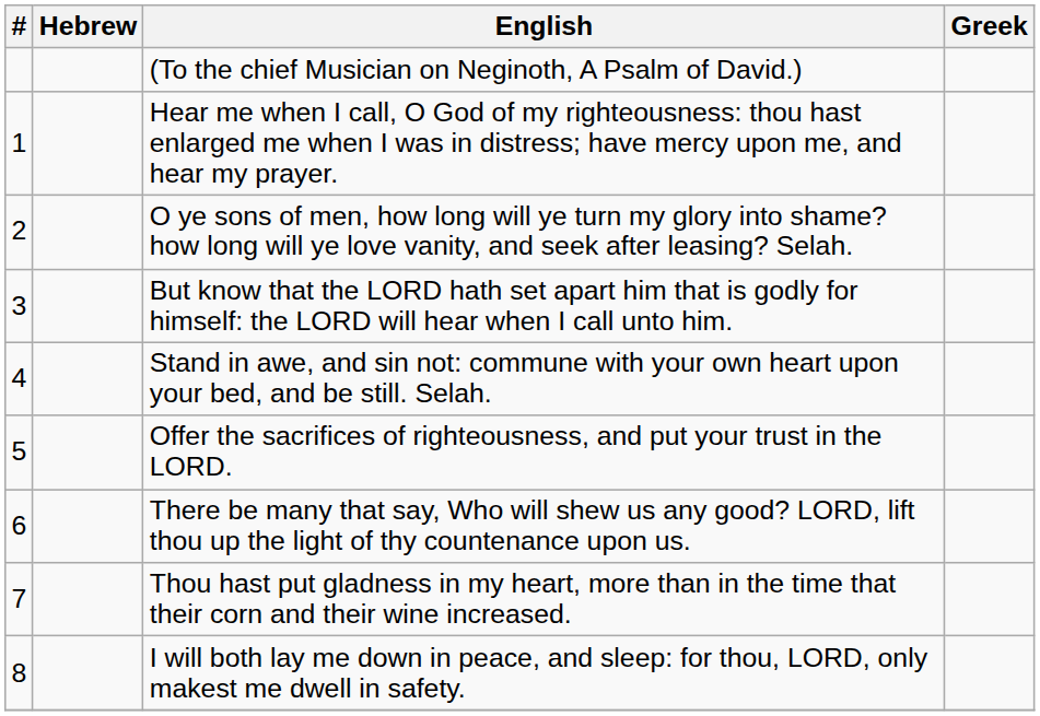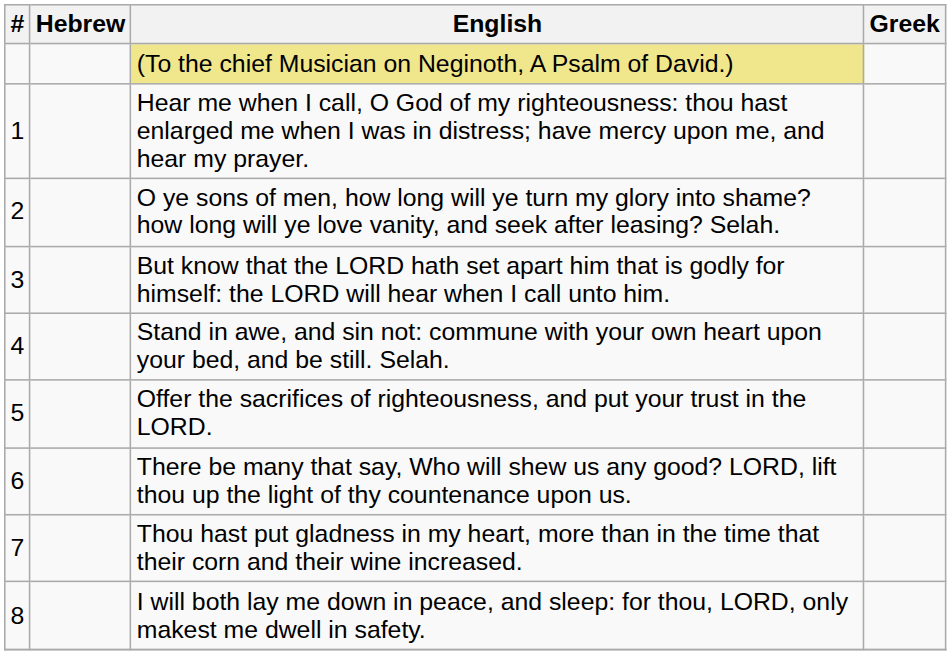 <table class=wikitable>
 <tr>
 <th>#</th>
 <th>Hebrew</th>
 <th>English</th>
 <th>Greek</th>
 </tr>
 <tr>
 <td style="text-align:right"></td>
 <td style="text-align:right"></td>
-<td>(To the chief Musician on Neginoth, A Psalm of David.)</td>
+<td style="background: khaki;">(To the chief Musician on Neginoth, A Psalm of David.)</td>
 <td></td>
 </tr>
 <tr>
 <td style="text-align:right">1</td>
 <td style="text-align:right"></td>
 <td>Hear me when I call, O God of my righteousness: thou hast enlarged me when I was in distress; have mercy upon me, and hear my prayer.</td>
 <td></td>
 </tr>
 <tr>
 <td style="text-align:right">2</td>
 <td style="text-align:right"></td>
 <td>O ye sons of men, how long will ye turn my glory into shame? how long will ye love vanity, and seek after leasing? Selah.</td>
 <td></td>
 </tr>
 <tr>
 <td style="text-align:right">3</td>
 <td style="text-align:right"></td>
 <td>But know that the LORD hath set apart him that is godly for himself: the LORD will hear when I call unto him.</td>
 <td></td>
 </tr>
 <tr>
 <td style="text-align:right">4</td>
 <td style="text-align:right"></td>
 <td>Stand in awe, and sin not: commune with your own heart upon your bed, and be still. Selah.</td>
 <td></td>
 </tr>
 <tr>
 <td style="text-align:right">5</td>
 <td style="text-align:right"></td>
 <td>Offer the sacrifices of righteousness, and put your trust in the LORD.</td>
 <td></td>
 </tr>
 <tr>
 <td style="text-align:right">6</td>
 <td style="text-align:right"></td>
 <td>There be many that say, Who will shew us any good? LORD, lift thou up the light of thy countenance upon us.</td>
 <td></td>
 </tr>
 <tr>
 <td style="text-align:right">7</td>
 <td style="text-align:right"></td>
 <td>Thou hast put gladness in my heart, more than in the time that their corn and their wine increased.</td>
 <td></td>
 </tr>
 <tr>
 <td style="text-align:right">8</td>
 <td style="text-align:right"></td>
 <td>I will both lay me down in peace, and sleep: for thou, LORD, only makest me dwell in safety.</td>
 <td></td>
 </tr>
 <tr>
 </tr>
 </table>
